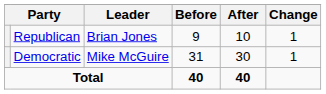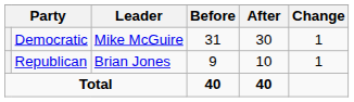 <table class="wikitable" style="text-align:center;">
 <tr>
 </tr>
 <tr>
 <th colspan="2">Party</th>
 <th>Leader</th>
 <th style="width:3em">Before</th>
 <th style="width:3em">After</th>
 <th style="width:3em">Change</th>
 </tr>
 <tr>
 <th style="background-color:"></th>
+<td style="text-align:left;"><a href='#'>Democratic</a></td>
+<td style="text-align:left;"><a href='#'>Mike McGuire</a></td>
+<td>31</td>
+<td>30</td>
+<td> 1</td>
+</tr>
+<tr>
+<th style="background-color:"></th>
 <td style="text-align:left;"><a href='#'>Republican</a></td>
 <td style="text-align:left;"><a href='#'>Brian Jones</a></td>
 <td>9</td>
 <td>10</td>
-<td> 1</td>
-</tr>
-<tr>
-<th style="background-color:"></th>
-<td style="text-align:left;"><a href='#'>Democratic</a></td>
-<td style="text-align:left;"><a href='#'>Mike McGuire</a></td>
-<td>31</td>
-<td>30</td>
 <td> 1</td>
 </tr>
 <tr>
 <td colspan="3"><strong>Total</strong></td>
 <td><strong>40</strong></td>
 <td><strong>40</strong></td>
 <td></td>
 </tr>
 </table>
